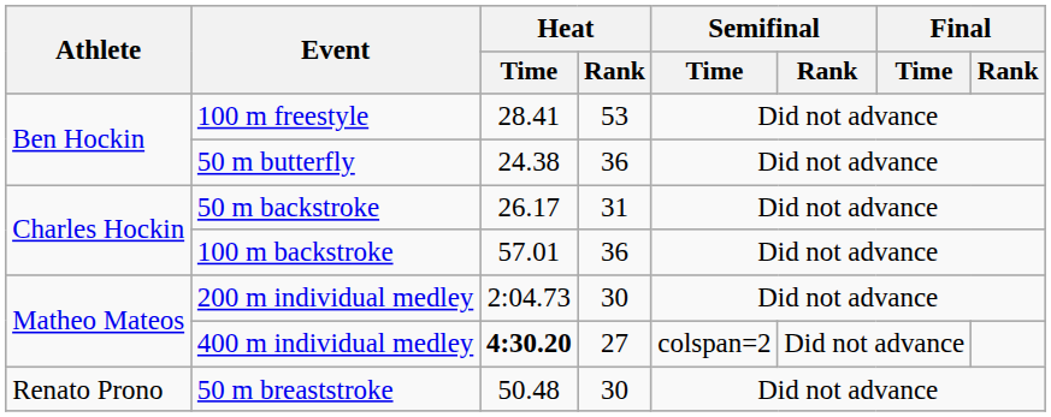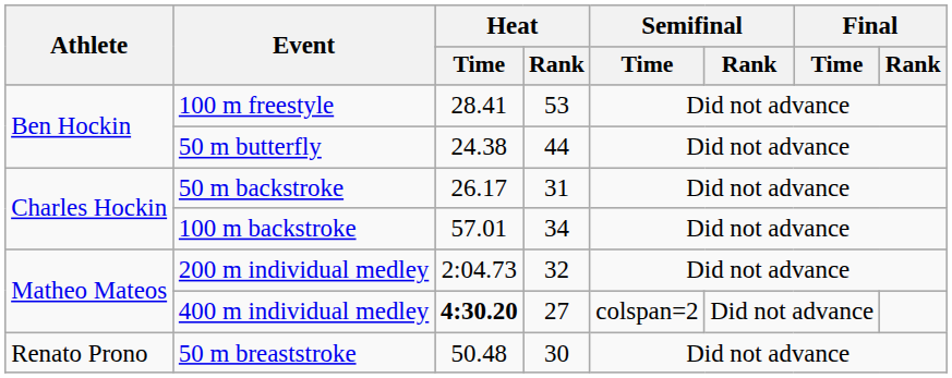 <table class="wikitable" style="text-align:center; font-size:90%">
 <tr>
 <th rowspan="2">Athlete</th>
 <th rowspan="2">Event</th>
 <th colspan="2">Heat</th>
 <th colspan="2">Semifinal</th>
 <th colspan="2">Final</th>
 </tr>
 <tr style="font-size:95%">
 <th>Time</th>
 <th>Rank</th>
 <th>Time</th>
 <th>Rank</th>
 <th>Time</th>
 <th>Rank</th>
 </tr>
 <tr>
 <td align=left rowspan=2><a href='#'>Ben Hockin</a></td>
 <td align=left><a href='#'>100 m freestyle</a></td>
 <td>28.41</td>
 <td>53</td>
 <td colspan=4>Did not advance</td>
 </tr>
 <tr>
 <td align=left><a href='#'>50 m butterfly</a></td>
 <td>24.38</td>
-<td>36</td>
+<td>44</td>
 <td colspan=4>Did not advance</td>
 </tr>
 <tr>
 <td align=left rowspan=2><a href='#'>Charles Hockin</a></td>
 <td align=left><a href='#'>50 m backstroke</a></td>
 <td>26.17</td>
 <td>31</td>
 <td colspan=4>Did not advance</td>
 </tr>
 <tr>
 <td align=left><a href='#'>100 m backstroke</a></td>
 <td>57.01</td>
-<td>36</td>
+<td>34</td>
 <td colspan=4>Did not advance</td>
 </tr>
 <tr>
 <td align=left rowspan=2><a href='#'>Matheo Mateos</a></td>
 <td align=left><a href='#'>200 m individual medley</a></td>
 <td>2:04.73</td>
-<td>30</td>
+<td>32</td>
 <td colspan=4>Did not advance</td>
 </tr>
 <tr>
 <td align=left><a href='#'>400 m individual medley</a></td>
 <td><strong>4:30.20</strong></td>
 <td>27</td>
 <td>colspan=2 </td>
 <td colspan=2>Did not advance</td>
 </tr>
 <tr>
 <td align=left>Renato Prono</td>
 <td align=left><a href='#'>50 m breaststroke</a></td>
 <td>50.48</td>
 <td>30</td>
 <td colspan=4>Did not advance</td>
 </tr>
 </table>
